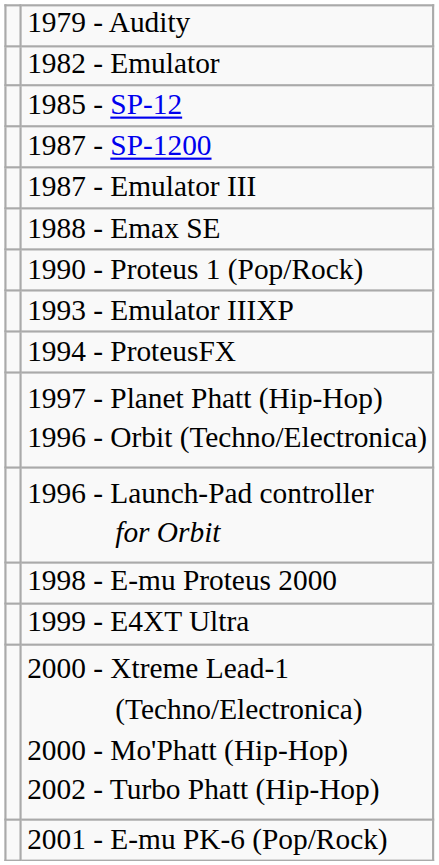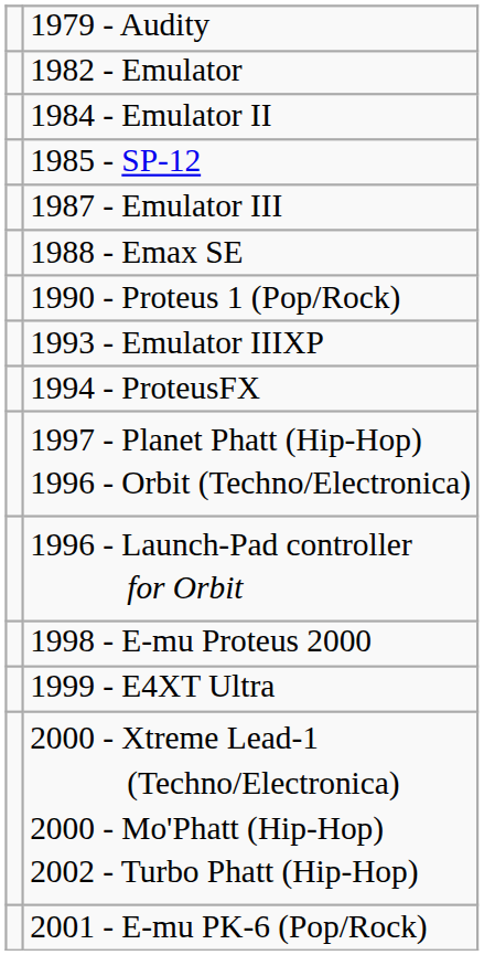 <table class="wikitable" style="float:right;border:0;backgroung:RGBA(255,255,255,0);padding:0;font-size:85%;line-height:2ex;">
 <tr>
 <td></td>
 <td>1979 - Audity</td>
 </tr>
 <tr>
 <td></td>
 <td>1982 - Emulator</td>
 </tr>
 <tr>
 <td></td>
-<td>1985 - <a href='#'>SP-12</a></td>
+<td>1984 - Emulator II</td>
 </tr>
 <tr>
 <td></td>
-<td>1987 - <a href='#'>SP-1200</a></td>
+<td>1985 - <a href='#'>SP-12</a></td>
 </tr>
 <tr>
 <td></td>
 <td>1987 - Emulator III</td>
 </tr>
 <tr>
 <td></td>
 <td>1988 - Emax SE</td>
 </tr>
 <tr>
 <td></td>
 <td>1990 - Proteus 1 (Pop/Rock)</td>
 </tr>
 <tr>
 <td></td>
 <td>1993 - Emulator IIIXP</td>
 </tr>
 <tr>
 <td></td>
 <td>1994 - ProteusFX</td>
 </tr>
 <tr style="line-height:3ex;">
 <td></td>
 <td>1997 - Planet Phatt (Hip-Hop)<br>1996 - Orbit (Techno/Electronica)</td>
 </tr>
 <tr style="line-height:3ex;">
 <td></td>
 <td>1996 - Launch-Pad controller <br>            <em>for Orbit</em></td>
 </tr>
 <tr>
 <td></td>
 <td>1998 - E-mu Proteus 2000</td>
 </tr>
 <tr>
 <td></td>
 <td>1999 - E4XT Ultra</td>
 </tr>
 <tr style="line-height:3ex;">
 <td><br></td>
 <td>2000 - Xtreme Lead-1 <br>            (Techno/Electronica)<br>2000 - Mo'Phatt (Hip-Hop) <br>2002 - Turbo Phatt (Hip-Hop)</td>
 </tr>
 <tr>
 <td></td>
 <td>2001 - E-mu PK-6 (Pop/Rock)</td>
 </tr>
 </table>
